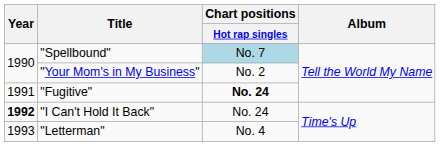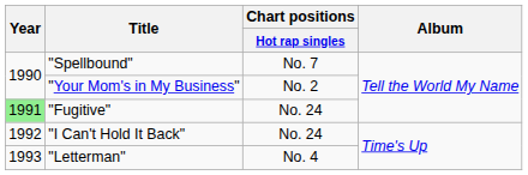 <table class="wikitable">
 <tr>
 <th rowspan="2">Year</th>
 <th rowspan="2">Title</th>
 <th colspan="1">Chart positions</th>
 <th rowspan="2">Album</th>
 </tr>
 <tr>
 <th><small><a href='#'>Hot rap singles</a></small></th>
 </tr>
 <tr>
 <td rowspan="2">1990</td>
 <td>"Spellbound"</td>
-<td align="center" style="background: lightblue;">No. 7</td>
+<td align="center">No. 7</td>
 <td rowspan="3"><em><a href='#'>Tell the World My Name</a></em></td>
 </tr>
 <tr>
 <td>"<a href='#'>Your Mom's in My Business</a>"</td>
 <td align="center">No. 2</td>
 </tr>
 <tr>
-<td>1991</td>
+<td style="background: lightgreen;">1991</td>
 <td>"Fugitive"</td>
-<td align="center"><strong>No. 24</strong></td>
+<td align="center">No. 24</td>
 </tr>
 <tr>
-<td><strong>1992</strong></td>
+<td>1992</td>
 <td>"I Can't Hold It Back"</td>
 <td align="center">No. 24</td>
 <td rowspan="2"><em><a href='#'>Time's Up</a></em></td>
 </tr>
 <tr>
 <td>1993</td>
 <td>"Letterman"</td>
 <td align="center">No. 4</td>
 </tr>
 </table>
